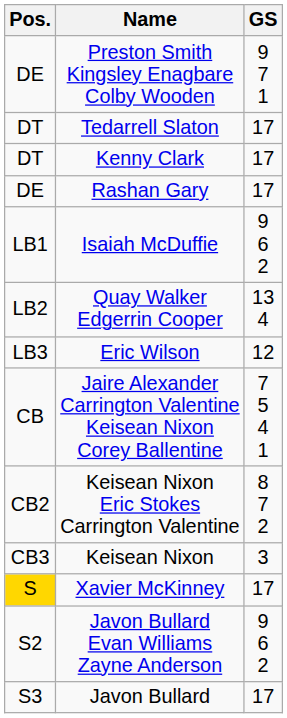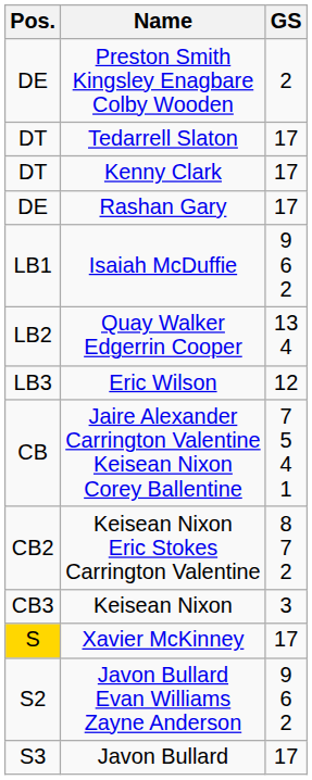 <table class="wikitable" style="text-align:center">
 <tr>
 <th>Pos.</th>
 <th>Name</th>
 <th>GS</th>
 </tr>
 <tr>
 <td>DE</td>
 <td><a href='#'>Preston Smith</a><br><a href='#'>Kingsley Enagbare</a><br><a href='#'>Colby Wooden</a></td>
-<td>9<br>7<br>1</td>
+<td>2</td>
 </tr>
 <tr>
 <td>DT</td>
 <td><a href='#'>Tedarrell Slaton</a></td>
 <td>17</td>
 </tr>
 <tr>
 <td>DT</td>
 <td><a href='#'>Kenny Clark</a></td>
 <td>17</td>
 </tr>
 <tr>
 <td>DE</td>
 <td><a href='#'>Rashan Gary</a></td>
 <td>17</td>
 </tr>
 <tr>
 <td>LB1</td>
 <td><a href='#'>Isaiah McDuffie</a></td>
 <td>9<br>6<br>2</td>
 </tr>
 <tr>
 <td>LB2</td>
 <td><a href='#'>Quay Walker</a><br><a href='#'>Edgerrin Cooper</a></td>
 <td>13<br>4</td>
 </tr>
 <tr>
 <td>LB3</td>
 <td><a href='#'>Eric Wilson</a></td>
 <td>12</td>
 </tr>
 <tr>
 <td>CB</td>
 <td><a href='#'>Jaire Alexander</a><br><a href='#'>Carrington Valentine</a><br><a href='#'>Keisean Nixon</a><br><a href='#'>Corey Ballentine</a></td>
 <td>7<br>5<br>4<br>1</td>
 </tr>
 <tr>
 <td>CB2</td>
 <td>Keisean Nixon<br><a href='#'>Eric Stokes</a><br>Carrington Valentine</td>
 <td>8<br>7<br>2</td>
 </tr>
 <tr>
 <td>CB3</td>
 <td>Keisean Nixon</td>
 <td>3</td>
 </tr>
 <tr>
 <td style="background: gold;">S</td>
 <td><a href='#'>Xavier McKinney</a></td>
 <td>17</td>
 </tr>
 <tr>
 <td>S2</td>
 <td><a href='#'>Javon Bullard</a><br><a href='#'>Evan Williams</a><br><a href='#'>Zayne Anderson</a></td>
 <td>9<br>6<br>2</td>
 </tr>
 <tr>
 <td>S3</td>
 <td>Javon Bullard</td>
 <td>17</td>
 </tr>
 </table>
